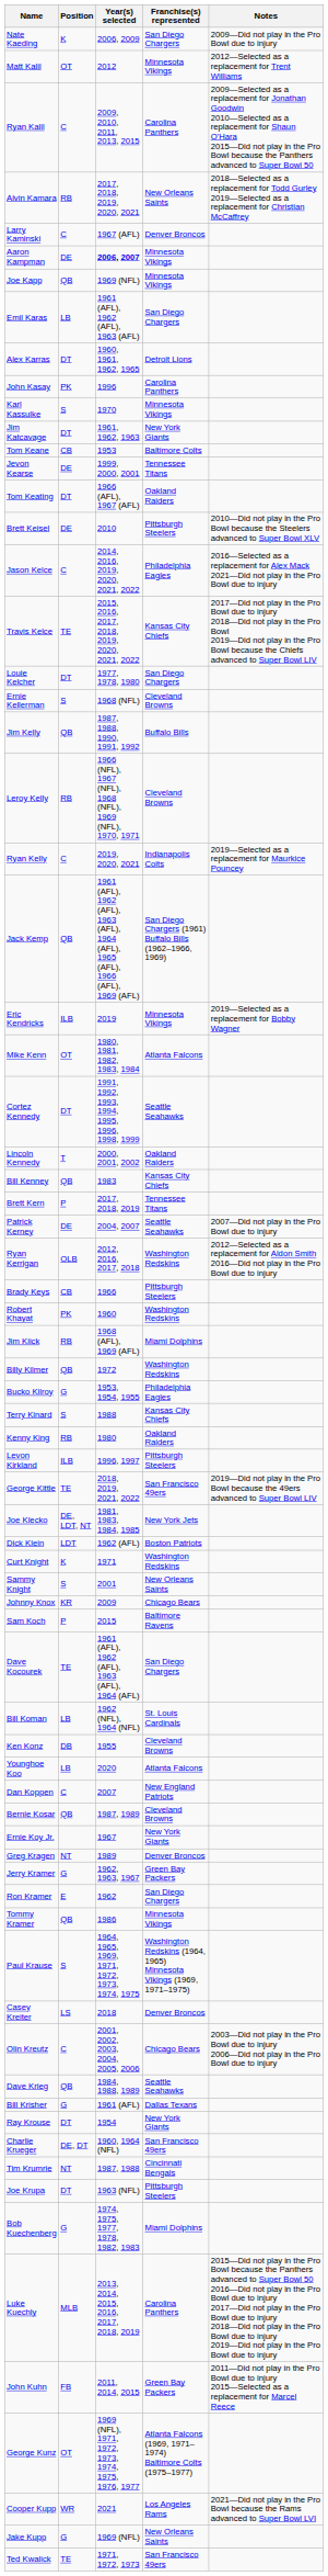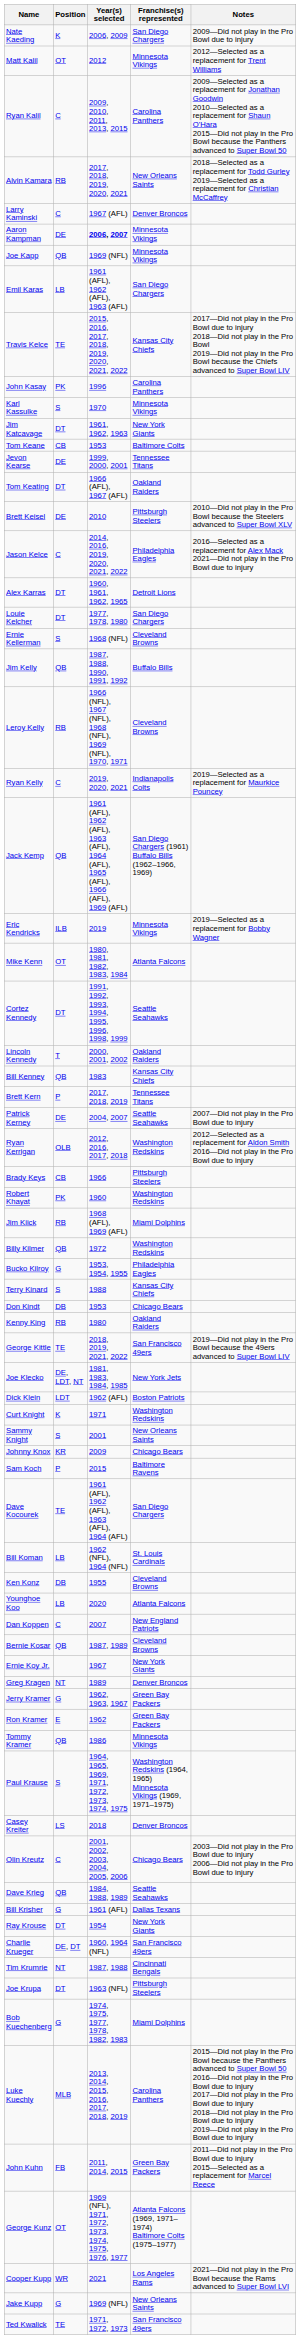 <table class="wikitable">
 <tr>
 <th bgcolor="#DDDDFF" width="15%">Name</th>
 <th bgcolor="#DDDDFF" width="4%">Position</th>
 <th bgcolor="#DDDDFF" width="16%">Year(s) selected</th>
 <th bgcolor="#DDDDFF" width="22%">Franchise(s) represented</th>
 <th bgcolor="#DDDDFF" width="43%">Notes</th>
 </tr>
 <tr>
 <td><a href='#'>Nate Kaeding</a></td>
 <td><a href='#'>K</a></td>
 <td><a href='#'>2006</a>, <a href='#'>2009</a></td>
 <td><a href='#'>San Diego Chargers</a></td>
 <td>2009—Did not play in the Pro Bowl due to injury</td>
 </tr>
 <tr>
 <td><a href='#'>Matt Kalil</a></td>
 <td><a href='#'>OT</a></td>
 <td><a href='#'>2012</a></td>
 <td><a href='#'>Minnesota Vikings</a></td>
 <td>2012—Selected as a replacement for <a href='#'>Trent Williams</a></td>
 </tr>
 <tr>
 <td><a href='#'>Ryan Kalil</a></td>
 <td><a href='#'>C</a></td>
 <td><a href='#'>2009</a>, <a href='#'>2010</a>, <a href='#'>2011</a>, <a href='#'>2013</a>, <a href='#'>2015</a></td>
 <td><a href='#'>Carolina Panthers</a></td>
 <td>2009—Selected as a replacement for <a href='#'>Jonathan Goodwin</a> <br>2010—Selected as a replacement for <a href='#'>Shaun O'Hara</a> <br>2015—Did not play in the Pro Bowl because the Panthers advanced to <a href='#'>Super Bowl 50</a></td>
 </tr>
 <tr>
 <td><a href='#'>Alvin Kamara</a></td>
 <td><a href='#'>RB</a></td>
 <td><a href='#'>2017</a>, <a href='#'>2018</a>, <a href='#'>2019</a>, <a href='#'>2020</a>, <a href='#'>2021</a></td>
 <td><a href='#'>New Orleans Saints</a></td>
 <td>2018—Selected as a replacement for <a href='#'>Todd Gurley</a> <br>2019—Selected as a replacement for <a href='#'>Christian McCaffrey</a></td>
 </tr>
 <tr>
 <td><a href='#'>Larry Kaminski</a></td>
 <td><a href='#'>C</a></td>
 <td><a href='#'>1967</a> (AFL)</td>
 <td><a href='#'>Denver Broncos</a></td>
 <td></td>
 </tr>
 <tr>
 <td><a href='#'>Aaron Kampman</a></td>
 <td><a href='#'>DE</a></td>
 <td><strong><a href='#'>2006</a>, <a href='#'>2007</a></strong></td>
 <td><a href='#'>Minnesota Vikings</a></td>
 <td></td>
 </tr>
 <tr>
 <td><a href='#'>Joe Kapp</a></td>
 <td><a href='#'>QB</a></td>
 <td><a href='#'>1969</a> (NFL)</td>
 <td><a href='#'>Minnesota Vikings</a></td>
 <td></td>
 </tr>
 <tr>
 <td><a href='#'>Emil Karas</a></td>
 <td><a href='#'>LB</a></td>
 <td><a href='#'>1961</a> (AFL), <a href='#'>1962</a> (AFL), <a href='#'>1963</a> (AFL)</td>
 <td><a href='#'>San Diego Chargers</a></td>
 <td></td>
 </tr>
 <tr>
-<td><a href='#'>Alex Karras</a></td>
-<td><a href='#'>DT</a></td>
-<td><a href='#'>1960</a>, <a href='#'>1961</a>, <a href='#'>1962</a>, <a href='#'>1965</a></td>
-<td><a href='#'>Detroit Lions</a></td>
-<td></td>
+<td><a href='#'>Travis Kelce</a></td>
+<td><a href='#'>TE</a></td>
+<td><a href='#'>2015</a>, <a href='#'>2016</a>, <a href='#'>2017</a>, <a href='#'>2018</a>, <a href='#'>2019</a>, <a href='#'>2020</a>, <a href='#'>2021</a>, <a href='#'>2022</a></td>
+<td><a href='#'>Kansas City Chiefs</a></td>
+<td>2017—Did not play in the Pro Bowl due to injury <br>2018—Did not play in the Pro Bowl <br>2019—Did not play in the Pro Bowl because the Chiefs advanced to <a href='#'>Super Bowl LIV</a></td>
 </tr>
 <tr>
 <td><a href='#'>John Kasay</a></td>
 <td><a href='#'>PK</a></td>
 <td><a href='#'>1996</a></td>
 <td><a href='#'>Carolina Panthers</a></td>
 <td></td>
 </tr>
 <tr>
 <td><a href='#'>Karl Kassulke</a></td>
 <td><a href='#'>S</a></td>
 <td><a href='#'>1970</a></td>
 <td><a href='#'>Minnesota Vikings</a></td>
 <td></td>
 </tr>
 <tr>
 <td><a href='#'>Jim Katcavage</a></td>
 <td><a href='#'>DT</a></td>
 <td><a href='#'>1961</a>, <a href='#'>1962</a>, <a href='#'>1963</a></td>
 <td><a href='#'>New York Giants</a></td>
 <td></td>
 </tr>
 <tr>
 <td><a href='#'>Tom Keane</a></td>
 <td><a href='#'>CB</a></td>
 <td><a href='#'>1953</a></td>
 <td><a href='#'>Baltimore Colts</a></td>
 <td></td>
 </tr>
 <tr>
 <td><a href='#'>Jevon Kearse</a></td>
 <td><a href='#'>DE</a></td>
 <td><a href='#'>1999</a>, <a href='#'>2000</a>, <a href='#'>2001</a></td>
 <td><a href='#'>Tennessee Titans</a></td>
 <td></td>
 </tr>
 <tr>
 <td><a href='#'>Tom Keating</a></td>
 <td><a href='#'>DT</a></td>
 <td><a href='#'>1966</a> (AFL), <a href='#'>1967</a> (AFL)</td>
 <td><a href='#'>Oakland Raiders</a></td>
 <td></td>
 </tr>
 <tr>
 <td><a href='#'>Brett Keisel</a></td>
 <td><a href='#'>DE</a></td>
 <td><a href='#'>2010</a></td>
 <td><a href='#'>Pittsburgh Steelers</a></td>
 <td>2010—Did not play in the Pro Bowl because the Steelers advanced to <a href='#'>Super Bowl XLV</a></td>
 </tr>
 <tr>
 <td><a href='#'>Jason Kelce</a></td>
 <td><a href='#'>C</a></td>
 <td><a href='#'>2014</a>, <a href='#'>2016</a>, <a href='#'>2019</a>, <a href='#'>2020</a>, <a href='#'>2021</a>, <a href='#'>2022</a></td>
 <td><a href='#'>Philadelphia Eagles</a></td>
 <td>2016—Selected as a replacement for <a href='#'>Alex Mack</a> 2021—Did not play in the Pro Bowl due to injury</td>
 </tr>
 <tr>
-<td><a href='#'>Travis Kelce</a></td>
-<td><a href='#'>TE</a></td>
-<td><a href='#'>2015</a>, <a href='#'>2016</a>, <a href='#'>2017</a>, <a href='#'>2018</a>, <a href='#'>2019</a>, <a href='#'>2020</a>, <a href='#'>2021</a>, <a href='#'>2022</a></td>
-<td><a href='#'>Kansas City Chiefs</a></td>
-<td>2017—Did not play in the Pro Bowl due to injury <br>2018—Did not play in the Pro Bowl <br>2019—Did not play in the Pro Bowl because the Chiefs advanced to <a href='#'>Super Bowl LIV</a></td>
+<td><a href='#'>Alex Karras</a></td>
+<td><a href='#'>DT</a></td>
+<td><a href='#'>1960</a>, <a href='#'>1961</a>, <a href='#'>1962</a>, <a href='#'>1965</a></td>
+<td><a href='#'>Detroit Lions</a></td>
+<td></td>
 </tr>
 <tr>
 <td><a href='#'>Louie Kelcher</a></td>
 <td><a href='#'>DT</a></td>
 <td><a href='#'>1977</a>, <a href='#'>1978</a>, <a href='#'>1980</a></td>
 <td><a href='#'>San Diego Chargers</a></td>
 <td></td>
 </tr>
 <tr>
 <td><a href='#'>Ernie Kellerman</a></td>
 <td><a href='#'>S</a></td>
 <td><a href='#'>1968</a> (NFL)</td>
 <td><a href='#'>Cleveland Browns</a></td>
 <td></td>
 </tr>
 <tr>
 <td><a href='#'>Jim Kelly</a></td>
 <td><a href='#'>QB</a></td>
 <td><a href='#'>1987</a>, <a href='#'>1988</a>, <a href='#'>1990</a>, <a href='#'>1991</a>, <a href='#'>1992</a></td>
 <td><a href='#'>Buffalo Bills</a></td>
 <td></td>
 </tr>
 <tr>
 <td><a href='#'>Leroy Kelly</a></td>
 <td><a href='#'>RB</a></td>
 <td><a href='#'>1966</a> (NFL), <a href='#'>1967</a> (NFL), <a href='#'>1968</a> (NFL), <a href='#'>1969</a> (NFL), <a href='#'>1970</a>, <a href='#'>1971</a></td>
 <td><a href='#'>Cleveland Browns</a></td>
 <td></td>
 </tr>
 <tr>
 <td><a href='#'>Ryan Kelly</a></td>
 <td><a href='#'>C</a></td>
 <td><a href='#'>2019</a>, <a href='#'>2020</a>, <a href='#'>2021</a></td>
 <td><a href='#'>Indianapolis Colts</a></td>
 <td>2019—Selected as a replacement for <a href='#'>Maurkice Pouncey</a></td>
 </tr>
 <tr>
 <td><a href='#'>Jack Kemp</a></td>
 <td><a href='#'>QB</a></td>
 <td><a href='#'>1961</a> (AFL), <a href='#'>1962</a> (AFL), <a href='#'>1963</a> (AFL), <a href='#'>1964</a> (AFL), <a href='#'>1965</a> (AFL), <a href='#'>1966</a> (AFL), <a href='#'>1969</a> (AFL)</td>
 <td><a href='#'>San Diego Chargers</a> (1961) <br><a href='#'>Buffalo Bills</a> (1962–1966, 1969)</td>
 <td></td>
 </tr>
 <tr>
 <td><a href='#'>Eric Kendricks</a></td>
 <td><a href='#'>ILB</a></td>
 <td><a href='#'>2019</a></td>
 <td><a href='#'>Minnesota Vikings</a></td>
 <td>2019—Selected as a replacement for <a href='#'>Bobby Wagner</a></td>
 </tr>
 <tr>
 <td><a href='#'>Mike Kenn</a></td>
 <td><a href='#'>OT</a></td>
 <td><a href='#'>1980</a>, <a href='#'>1981</a>, <a href='#'>1982</a>, <a href='#'>1983</a>, <a href='#'>1984</a></td>
 <td><a href='#'>Atlanta Falcons</a></td>
 <td></td>
 </tr>
 <tr>
 <td><a href='#'>Cortez Kennedy</a></td>
 <td><a href='#'>DT</a></td>
 <td><a href='#'>1991</a>, <a href='#'>1992</a>, <a href='#'>1993</a>, <a href='#'>1994</a>, <a href='#'>1995</a>, <a href='#'>1996</a>, <a href='#'>1998</a>, <a href='#'>1999</a></td>
 <td><a href='#'>Seattle Seahawks</a></td>
 <td></td>
 </tr>
 <tr>
 <td><a href='#'>Lincoln Kennedy</a></td>
 <td><a href='#'>T</a></td>
 <td><a href='#'>2000</a>, <a href='#'>2001</a>, <a href='#'>2002</a></td>
 <td><a href='#'>Oakland Raiders</a></td>
 <td></td>
 </tr>
 <tr>
 <td><a href='#'>Bill Kenney</a></td>
 <td><a href='#'>QB</a></td>
 <td><a href='#'>1983</a></td>
 <td><a href='#'>Kansas City Chiefs</a></td>
 <td></td>
 </tr>
 <tr>
 <td><a href='#'>Brett Kern</a></td>
 <td><a href='#'>P</a></td>
 <td><a href='#'>2017</a>, <a href='#'>2018</a>, <a href='#'>2019</a></td>
 <td><a href='#'>Tennessee Titans</a></td>
 <td></td>
 </tr>
 <tr>
 <td><a href='#'>Patrick Kerney</a></td>
 <td><a href='#'>DE</a></td>
 <td><a href='#'>2004</a>, <a href='#'>2007</a></td>
 <td><a href='#'>Seattle Seahawks</a></td>
 <td>2007—Did not play in the Pro Bowl due to injury</td>
 </tr>
 <tr>
 <td><a href='#'>Ryan Kerrigan</a></td>
 <td><a href='#'>OLB</a></td>
 <td><a href='#'>2012</a>, <a href='#'>2016</a>, <a href='#'>2017</a>, <a href='#'>2018</a></td>
 <td><a href='#'>Washington Redskins</a></td>
 <td>2012—Selected as a replacement for <a href='#'>Aldon Smith</a> <br>2016—Did not play in the Pro Bowl due to injury</td>
 </tr>
 <tr>
 <td><a href='#'>Brady Keys</a></td>
 <td><a href='#'>CB</a></td>
 <td><a href='#'>1966</a></td>
 <td><a href='#'>Pittsburgh Steelers</a></td>
 <td></td>
 </tr>
 <tr>
 <td><a href='#'>Robert Khayat</a></td>
 <td><a href='#'>PK</a></td>
 <td><a href='#'>1960</a></td>
 <td><a href='#'>Washington Redskins</a></td>
 <td></td>
 </tr>
 <tr>
 <td><a href='#'>Jim Kiick</a></td>
 <td><a href='#'>RB</a></td>
 <td><a href='#'>1968</a> (AFL), <a href='#'>1969</a> (AFL)</td>
 <td><a href='#'>Miami Dolphins</a></td>
 <td></td>
 </tr>
 <tr>
 <td><a href='#'>Billy Kilmer</a></td>
 <td><a href='#'>QB</a></td>
 <td><a href='#'>1972</a></td>
 <td><a href='#'>Washington Redskins</a></td>
 <td></td>
 </tr>
 <tr>
 <td><a href='#'>Bucko Kilroy</a></td>
 <td><a href='#'>G</a></td>
 <td><a href='#'>1953</a>, <a href='#'>1954</a>, <a href='#'>1955</a></td>
 <td><a href='#'>Philadelphia Eagles</a></td>
 <td></td>
 </tr>
 <tr>
 <td><a href='#'>Terry Kinard</a></td>
 <td><a href='#'>S</a></td>
 <td><a href='#'>1988</a></td>
 <td><a href='#'>Kansas City Chiefs</a></td>
 <td></td>
 </tr>
 <tr>
+<td><a href='#'>Don Kindt</a></td>
+<td><a href='#'>DB</a></td>
+<td><a href='#'>1953</a></td>
+<td><a href='#'>Chicago Bears</a></td>
+<td></td>
+</tr>
+<tr>
 <td><a href='#'>Kenny King</a></td>
 <td><a href='#'>RB</a></td>
 <td><a href='#'>1980</a></td>
 <td><a href='#'>Oakland Raiders</a></td>
-<td></td>
-</tr>
-<tr>
-<td><a href='#'>Levon Kirkland</a></td>
-<td><a href='#'>ILB</a></td>
-<td><a href='#'>1996</a>, <a href='#'>1997</a></td>
-<td><a href='#'>Pittsburgh Steelers</a></td>
 <td></td>
 </tr>
 <tr>
 <td><a href='#'>George Kittle</a></td>
 <td><a href='#'>TE</a></td>
 <td><a href='#'>2018</a>, <a href='#'>2019</a>, <a href='#'>2021</a>, <a href='#'>2022</a></td>
 <td><a href='#'>San Francisco 49ers</a></td>
 <td>2019—Did not play in the Pro Bowl because the 49ers advanced to <a href='#'>Super Bowl LIV</a></td>
 </tr>
 <tr>
 <td><a href='#'>Joe Klecko</a></td>
 <td><a href='#'>DE</a>, <a href='#'>LDT</a>, <a href='#'>NT</a></td>
 <td><a href='#'>1981</a>, <a href='#'>1983</a>, <a href='#'>1984</a>, <a href='#'>1985</a></td>
 <td><a href='#'>New York Jets</a></td>
 <td></td>
 </tr>
 <tr>
 <td><a href='#'>Dick Klein</a></td>
 <td><a href='#'>LDT</a></td>
 <td><a href='#'>1962</a> (AFL)</td>
 <td><a href='#'>Boston Patriots</a></td>
 <td></td>
 </tr>
 <tr>
 <td><a href='#'>Curt Knight</a></td>
 <td><a href='#'>K</a></td>
 <td><a href='#'>1971</a></td>
 <td><a href='#'>Washington Redskins</a></td>
 <td></td>
 </tr>
 <tr>
 <td><a href='#'>Sammy Knight</a></td>
 <td><a href='#'>S</a></td>
 <td><a href='#'>2001</a></td>
 <td><a href='#'>New Orleans Saints</a></td>
 <td></td>
 </tr>
 <tr>
 <td><a href='#'>Johnny Knox</a></td>
 <td><a href='#'>KR</a></td>
 <td><a href='#'>2009</a></td>
 <td><a href='#'>Chicago Bears</a></td>
 <td></td>
 </tr>
 <tr>
 <td><a href='#'>Sam Koch</a></td>
 <td><a href='#'>P</a></td>
 <td><a href='#'>2015</a></td>
 <td><a href='#'>Baltimore Ravens</a></td>
 <td></td>
 </tr>
 <tr>
 <td><a href='#'>Dave Kocourek</a></td>
 <td><a href='#'>TE</a></td>
 <td><a href='#'>1961</a> (AFL), <a href='#'>1962</a> (AFL), <a href='#'>1963</a> (AFL), <a href='#'>1964</a> (AFL)</td>
 <td><a href='#'>San Diego Chargers</a></td>
 <td></td>
 </tr>
 <tr>
 <td><a href='#'>Bill Koman</a></td>
 <td><a href='#'>LB</a></td>
 <td><a href='#'>1962</a> (NFL), <a href='#'>1964</a> (NFL)</td>
 <td><a href='#'>St. Louis Cardinals</a></td>
 <td></td>
 </tr>
 <tr>
 <td><a href='#'>Ken Konz</a></td>
 <td><a href='#'>DB</a></td>
 <td><a href='#'>1955</a></td>
 <td><a href='#'>Cleveland Browns</a></td>
 <td></td>
 </tr>
 <tr>
 <td><a href='#'>Younghoe Koo</a></td>
 <td><a href='#'>LB</a></td>
 <td><a href='#'>2020</a></td>
 <td><a href='#'>Atlanta Falcons</a></td>
 <td></td>
 </tr>
 <tr>
 <td><a href='#'>Dan Koppen</a></td>
 <td><a href='#'>C</a></td>
 <td><a href='#'>2007</a></td>
 <td><a href='#'>New England Patriots</a></td>
 <td></td>
 </tr>
 <tr>
 <td><a href='#'>Bernie Kosar</a></td>
 <td><a href='#'>QB</a></td>
 <td><a href='#'>1987</a>, <a href='#'>1989</a></td>
 <td><a href='#'>Cleveland Browns</a></td>
 <td></td>
 </tr>
 <tr>
 <td><a href='#'>Ernie Koy Jr.</a></td>
 <td></td>
 <td><a href='#'>1967</a></td>
 <td><a href='#'>New York Giants</a></td>
 <td></td>
 </tr>
 <tr>
 <td><a href='#'>Greg Kragen</a></td>
 <td><a href='#'>NT</a></td>
 <td><a href='#'>1989</a></td>
 <td><a href='#'>Denver Broncos</a></td>
 <td></td>
 </tr>
 <tr>
 <td><a href='#'>Jerry Kramer</a></td>
 <td><a href='#'>G</a></td>
 <td><a href='#'>1962</a>, <a href='#'>1963</a>, <a href='#'>1967</a></td>
 <td><a href='#'>Green Bay Packers</a></td>
 <td></td>
 </tr>
 <tr>
 <td><a href='#'>Ron Kramer</a></td>
 <td><a href='#'>E</a></td>
 <td><a href='#'>1962</a></td>
-<td><a href='#'>San Diego Chargers</a></td>
+<td><a href='#'>Green Bay Packers</a></td>
 <td></td>
 </tr>
 <tr>
 <td><a href='#'>Tommy Kramer</a></td>
 <td><a href='#'>QB</a></td>
 <td><a href='#'>1986</a></td>
 <td><a href='#'>Minnesota Vikings</a></td>
 <td></td>
 </tr>
 <tr>
 <td><a href='#'>Paul Krause</a></td>
 <td><a href='#'>S</a></td>
 <td><a href='#'>1964</a>, <a href='#'>1965</a>, <a href='#'>1969</a>, <a href='#'>1971</a>, <a href='#'>1972</a>, <a href='#'>1973</a>, <a href='#'>1974</a>, <a href='#'>1975</a></td>
 <td><a href='#'>Washington Redskins</a> (1964, 1965)<br><a href='#'>Minnesota Vikings</a> (1969, 1971–1975)</td>
 <td></td>
 </tr>
 <tr>
 <td><a href='#'>Casey Kreiter</a></td>
 <td><a href='#'>LS</a></td>
 <td><a href='#'>2018</a></td>
 <td><a href='#'>Denver Broncos</a></td>
 <td></td>
 </tr>
 <tr>
 <td><a href='#'>Olin Kreutz</a></td>
 <td><a href='#'>C</a></td>
 <td><a href='#'>2001</a>, <a href='#'>2002</a>, <a href='#'>2003</a>, <a href='#'>2004</a>, <a href='#'>2005</a>, <a href='#'>2006</a></td>
 <td><a href='#'>Chicago Bears</a></td>
 <td>2003—Did not play in the Pro Bowl due to injury <br>2006—Did not play in the Pro Bowl due to injury</td>
 </tr>
 <tr>
 <td><a href='#'>Dave Krieg</a></td>
 <td><a href='#'>QB</a></td>
 <td><a href='#'>1984</a>, <a href='#'>1988</a>, <a href='#'>1989</a></td>
 <td><a href='#'>Seattle Seahawks</a></td>
 <td></td>
 </tr>
 <tr>
 <td><a href='#'>Bill Krisher</a></td>
 <td><a href='#'>G</a></td>
 <td><a href='#'>1961</a> (AFL)</td>
 <td><a href='#'>Dallas Texans</a></td>
 <td></td>
 </tr>
 <tr>
 <td><a href='#'>Ray Krouse</a></td>
 <td><a href='#'>DT</a></td>
 <td><a href='#'>1954</a></td>
 <td><a href='#'>New York Giants</a></td>
 <td></td>
 </tr>
 <tr>
 <td><a href='#'>Charlie Krueger</a></td>
 <td><a href='#'>DE</a>, <a href='#'>DT</a></td>
 <td><a href='#'>1960</a>, <a href='#'>1964</a> (NFL)</td>
 <td><a href='#'>San Francisco 49ers</a></td>
 <td></td>
 </tr>
 <tr>
 <td><a href='#'>Tim Krumrie</a></td>
 <td><a href='#'>NT</a></td>
 <td><a href='#'>1987</a>, <a href='#'>1988</a></td>
 <td><a href='#'>Cincinnati Bengals</a></td>
 <td></td>
 </tr>
 <tr>
 <td><a href='#'>Joe Krupa</a></td>
 <td><a href='#'>DT</a></td>
 <td><a href='#'>1963</a> (NFL)</td>
 <td><a href='#'>Pittsburgh Steelers</a></td>
 <td></td>
 </tr>
 <tr>
 <td><a href='#'>Bob Kuechenberg</a></td>
 <td><a href='#'>G</a></td>
 <td><a href='#'>1974</a>, <a href='#'>1975</a>, <a href='#'>1977</a>, <a href='#'>1978</a>, <a href='#'>1982</a>, <a href='#'>1983</a></td>
 <td><a href='#'>Miami Dolphins</a></td>
 <td></td>
 </tr>
 <tr>
 <td><a href='#'>Luke Kuechly</a></td>
 <td><a href='#'>MLB</a></td>
 <td><a href='#'>2013</a>, <a href='#'>2014</a>, <a href='#'>2015</a>, <a href='#'>2016</a>, <a href='#'>2017</a>, <a href='#'>2018</a>, <a href='#'>2019</a></td>
 <td><a href='#'>Carolina Panthers</a></td>
 <td>2015—Did not play in the Pro Bowl because the Panthers advanced to <a href='#'>Super Bowl 50</a> <br>2016—Did not play in the Pro Bowl due to injury <br>2017—Did not play in the Pro Bowl due to injury <br>2018—Did not play in the Pro Bowl due to injury <br>2019—Did not play in the Pro Bowl due to injury</td>
 </tr>
 <tr>
 <td><a href='#'>John Kuhn</a></td>
 <td><a href='#'>FB</a></td>
 <td><a href='#'>2011</a>, <a href='#'>2014</a>, <a href='#'>2015</a></td>
 <td><a href='#'>Green Bay Packers</a></td>
 <td>2011—Did not play in the Pro Bowl due to injury <br>2015—Selected as a replacement for <a href='#'>Marcel Reece</a></td>
 </tr>
 <tr>
 <td><a href='#'>George Kunz</a></td>
 <td><a href='#'>OT</a></td>
 <td><a href='#'>1969</a> (NFL), <a href='#'>1971</a>, <a href='#'>1972</a>, <a href='#'>1973</a>, <a href='#'>1974</a>, <a href='#'>1975</a>, <a href='#'>1976</a>, <a href='#'>1977</a></td>
 <td><a href='#'>Atlanta Falcons</a> (1969, 1971–1974) <br><a href='#'>Baltimore Colts</a> (1975–1977)</td>
 <td></td>
 </tr>
 <tr>
 <td><a href='#'>Cooper Kupp</a></td>
 <td><a href='#'>WR</a></td>
 <td><a href='#'>2021</a></td>
 <td><a href='#'>Los Angeles Rams</a></td>
 <td>2021—Did not play in the Pro Bowl because the Rams advanced to <a href='#'>Super Bowl LVI</a></td>
 </tr>
 <tr>
 <td><a href='#'>Jake Kupp</a></td>
 <td><a href='#'>G</a></td>
 <td><a href='#'>1969</a> (NFL)</td>
 <td><a href='#'>New Orleans Saints</a></td>
 <td></td>
 </tr>
 <tr>
 <td><a href='#'>Ted Kwalick</a></td>
 <td><a href='#'>TE</a></td>
 <td><a href='#'>1971</a>, <a href='#'>1972</a>, <a href='#'>1973</a></td>
 <td><a href='#'>San Francisco 49ers</a></td>
 <td></td>
 </tr>
 </table>
